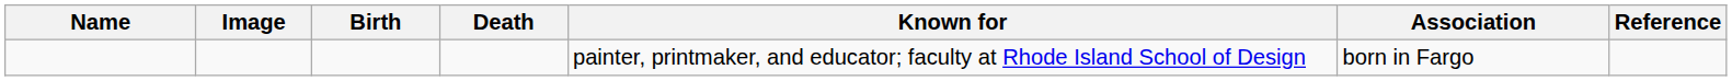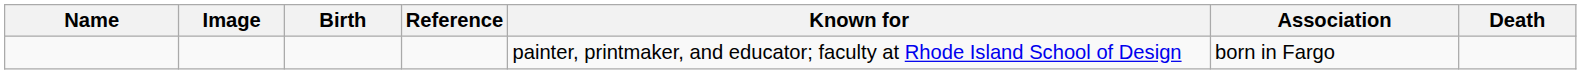 <table class="wikitable">
 <tr>
 <th scope="col" width="140">Name</th>
 <th scope="col" width="80" class="unsortable">Image</th>
 <th scope="col" width="90">Birth</th>
-<th scope="col" width="90">Death</th>
+<th scope="col" width="30" class="unsortable">Reference</th>
 <th scope="col" width="600" class="unsortable">Known for</th>
 <th scope="col" width="200" class="unsortable">Association</th>
-<th scope="col" width="30" class="unsortable">Reference</th>
+<th scope="col" width="90">Death</th>
 </tr>
 <tr>
 <td></td>
 <td></td>
 <td></td>
 <td></td>
 <td>painter, printmaker, and educator; faculty at <a href='#'>Rhode Island School of Design</a></td>
 <td>born in Fargo</td>
 <td></td>
 </tr>
 </table>
